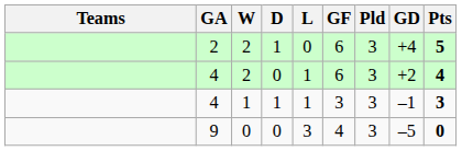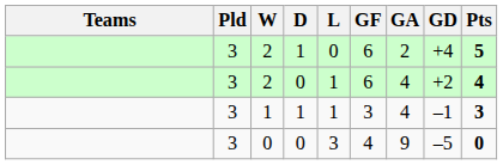 <table class="wikitable" style="text-align: center;">
 <tr>
 <th width=165>Teams</th>
-<th width=20>GA</th>
+<th width=20>Pld</th>
 <th width=20>W</th>
 <th width=20>D</th>
 <th width=20>L</th>
 <th width=20>GF</th>
-<th width=20>Pld</th>
+<th width=20>GA</th>
 <th width=20>GD</th>
 <th width=20>Pts</th>
 </tr>
 <tr align=center style="background:#ccffcc;">
 <td style="text-align:left;"></td>
-<td>2</td>
+<td>3</td>
 <td>2</td>
 <td>1</td>
 <td>0</td>
 <td>6</td>
-<td>3</td>
+<td>2</td>
 <td>+4</td>
 <td><strong>5</strong></td>
 </tr>
 <tr align=center style="background:#ccffcc;">
 <td style="text-align:left;"></td>
-<td>4</td>
+<td>3</td>
 <td>2</td>
 <td>0</td>
 <td>1</td>
 <td>6</td>
-<td>3</td>
+<td>4</td>
 <td>+2</td>
 <td><strong>4</strong></td>
 </tr>
 <tr align=center>
 <td style="text-align:left;"></td>
-<td>4</td>
+<td>3</td>
 <td>1</td>
 <td>1</td>
 <td>1</td>
 <td>3</td>
-<td>3</td>
+<td>4</td>
 <td>–1</td>
 <td><strong>3</strong></td>
 </tr>
 <tr align=center>
 <td style="text-align:left;"></td>
-<td>9</td>
+<td>3</td>
 <td>0</td>
 <td>0</td>
 <td>3</td>
 <td>4</td>
-<td>3</td>
+<td>9</td>
 <td>–5</td>
 <td><strong>0</strong></td>
 </tr>
 </table>
